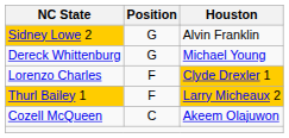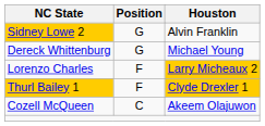 <table class="wikitable">
 <tr>
 <th>NC State</th>
 <th colspan="2">Position</th>
 <th>Houston</th>
 </tr>
 <tr>
 <td style="background:#ffcc00"><a href='#'>Sidney Lowe</a> 2</td>
 <td colspan=2 style="text-align:center">G</td>
 <td>Alvin Franklin</td>
 </tr>
 <tr>
 <td><a href='#'>Dereck Whittenburg</a></td>
 <td colspan=2 style="text-align:center">G</td>
 <td><a href='#'>Michael Young</a></td>
 </tr>
 <tr>
 <td><a href='#'>Lorenzo Charles</a></td>
 <td colspan=2 style="text-align:center">F</td>
-<td style="background:#ffcc00"><a href='#'>Clyde Drexler</a> 1</td>
+<td style="background:#ffcc00"><a href='#'>Larry Micheaux</a> 2</td>
 </tr>
 <tr>
 <td style="background:#ffcc00"><a href='#'>Thurl Bailey</a> 1</td>
 <td colspan=2 style="text-align:center">F</td>
-<td style="background:#ffcc00"><a href='#'>Larry Micheaux</a> 2</td>
+<td style="background:#ffcc00"><a href='#'>Clyde Drexler</a> 1</td>
 </tr>
 <tr>
 <td><a href='#'>Cozell McQueen</a></td>
 <td colspan=2 style="text-align:center">C</td>
 <td><a href='#'>Akeem Olajuwon</a><br></td>
 </tr>
 <tr>
 <td colspan="5" align=center></td>
 </tr>
 </table>
